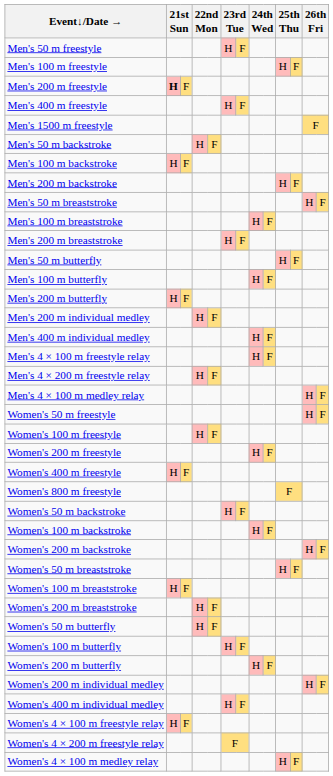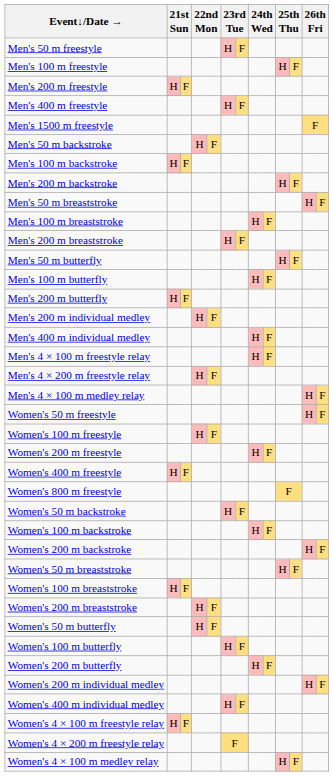 <table class="wikitable" style="margin:0.5em auto; font-size:90%; line-height:1.25em; text-align:center;">
 <tr>
 <th>Event↓/Date →</th>
 <th colspan=2>21st<br>Sun</th>
 <th colspan=2>22nd<br>Mon</th>
 <th colspan=2>23rd<br>Tue</th>
 <th colspan=2>24th<br>Wed</th>
 <th colspan=2>25th<br>Thu</th>
 <th colspan=2>26th<br>Fri</th>
 </tr>
 <tr>
 <td align="left"><a href='#'>Men's 50 m freestyle</a></td>
 <td colspan=2></td>
 <td colspan=2></td>
 <td bgcolor="#FFBBBB">H</td>
 <td bgcolor="#FFDF80">F</td>
 <td colspan=2></td>
 <td colspan=2></td>
 <td colspan=2></td>
 </tr>
 <tr>
 <td align="left"><a href='#'>Men's 100 m freestyle</a></td>
 <td colspan=2></td>
 <td colspan=2></td>
 <td colspan=2></td>
 <td colspan=2></td>
 <td bgcolor="#FFBBBB">H</td>
 <td bgcolor="#FFDF80">F</td>
 <td colspan=2></td>
 </tr>
 <tr>
 <td align="left"><a href='#'>Men's 200 m freestyle</a></td>
-<td bgcolor="#FFBBBB"><strong>H</strong></td>
+<td bgcolor="#FFBBBB">H</td>
 <td bgcolor="#FFDF80">F</td>
 <td colspan=2></td>
 <td colspan=2></td>
 <td colspan=2></td>
 <td colspan=2></td>
 <td colspan=2></td>
 </tr>
 <tr>
 <td align="left"><a href='#'>Men's 400 m freestyle</a></td>
 <td colspan=2></td>
 <td colspan=2></td>
 <td bgcolor="#FFBBBB">H</td>
 <td bgcolor="#FFDF80">F</td>
 <td colspan=2></td>
 <td colspan=2></td>
 <td colspan=2></td>
 </tr>
 <tr>
 <td align="left"><a href='#'>Men's 1500 m freestyle</a></td>
 <td colspan=2></td>
 <td colspan=2></td>
 <td colspan=2></td>
 <td colspan=2></td>
 <td colspan=2></td>
 <td colspan=2 bgcolor="#FFDF80">F</td>
 </tr>
 <tr>
 <td align="left"><a href='#'>Men's 50 m backstroke</a></td>
 <td colspan=2></td>
 <td bgcolor="#FFBBBB">H</td>
 <td bgcolor="#FFDF80">F</td>
 <td colspan=2></td>
 <td colspan=2></td>
 <td colspan=2></td>
 <td colspan=2></td>
 </tr>
 <tr>
 <td align="left"><a href='#'>Men's 100 m backstroke</a></td>
 <td bgcolor="#FFBBBB">H</td>
 <td bgcolor="#FFDF80">F</td>
 <td colspan=2></td>
 <td colspan=2></td>
 <td colspan=2></td>
 <td colspan=2></td>
 <td colspan=2></td>
 </tr>
 <tr>
 <td align="left"><a href='#'>Men's 200 m backstroke</a></td>
 <td colspan=2></td>
 <td colspan=2></td>
 <td colspan=2></td>
 <td colspan=2></td>
 <td bgcolor="#FFBBBB">H</td>
 <td bgcolor="#FFDF80">F</td>
 <td colspan=2></td>
 </tr>
 <tr>
 <td align="left"><a href='#'>Men's 50 m breaststroke</a></td>
 <td colspan=2></td>
 <td colspan=2></td>
 <td colspan=2></td>
 <td colspan=2></td>
 <td colspan=2></td>
 <td bgcolor="#FFBBBB">H</td>
 <td bgcolor="#FFDF80">F</td>
 </tr>
 <tr>
 <td align="left"><a href='#'>Men's 100 m breaststroke</a></td>
 <td colspan=2></td>
 <td colspan=2></td>
 <td colspan=2></td>
 <td bgcolor="#FFBBBB">H</td>
 <td bgcolor="#FFDF80">F</td>
 <td colspan=2></td>
 <td colspan=2></td>
 </tr>
 <tr>
 <td align="left"><a href='#'>Men's 200 m breaststroke</a></td>
 <td colspan=2></td>
 <td colspan=2></td>
 <td bgcolor="#FFBBBB">H</td>
 <td bgcolor="#FFDF80">F</td>
 <td colspan=2></td>
 <td colspan=2></td>
 <td colspan=2></td>
 </tr>
 <tr>
 <td align="left"><a href='#'>Men's 50 m butterfly</a></td>
 <td colspan=2></td>
 <td colspan=2></td>
 <td colspan=2></td>
 <td colspan=2></td>
 <td bgcolor="#FFBBBB">H</td>
 <td bgcolor="#FFDF80">F</td>
 <td colspan=2></td>
 </tr>
 <tr>
 <td align="left"><a href='#'>Men's 100 m butterfly</a></td>
 <td colspan=2></td>
 <td colspan=2></td>
 <td colspan=2></td>
 <td bgcolor="#FFBBBB">H</td>
 <td bgcolor="#FFDF80">F</td>
 <td colspan=2></td>
 <td colspan=2></td>
 </tr>
 <tr>
 <td align="left"><a href='#'>Men's 200 m butterfly</a></td>
 <td bgcolor="#FFBBBB">H</td>
 <td bgcolor="#FFDF80">F</td>
 <td colspan=2></td>
 <td colspan=2></td>
 <td colspan=2></td>
 <td colspan=2></td>
 <td colspan=2></td>
 </tr>
 <tr>
 <td align="left"><a href='#'>Men's 200 m individual medley</a></td>
 <td colspan=2></td>
 <td bgcolor="#FFBBBB">H</td>
 <td bgcolor="#FFDF80">F</td>
 <td colspan=2></td>
 <td colspan=2></td>
 <td colspan=2></td>
 <td colspan=2></td>
 </tr>
 <tr>
 <td align="left"><a href='#'>Men's 400 m individual medley</a></td>
 <td colspan=2></td>
 <td colspan=2></td>
 <td colspan=2></td>
 <td bgcolor="#FFBBBB">H</td>
 <td bgcolor="#FFDF80">F</td>
 <td colspan=2></td>
 <td colspan=2></td>
 </tr>
 <tr>
 <td align="left"><a href='#'>Men's 4 × 100 m freestyle relay</a></td>
 <td colspan=2></td>
 <td colspan=2></td>
 <td colspan=2></td>
 <td bgcolor="#FFBBBB">H</td>
 <td bgcolor="#FFDF80">F</td>
 <td colspan=2></td>
 <td colspan=2></td>
 </tr>
 <tr>
 <td align="left"><a href='#'>Men's 4 × 200 m freestyle relay</a></td>
 <td colspan=2></td>
 <td bgcolor="#FFBBBB">H</td>
 <td bgcolor="#FFDF80">F</td>
 <td colspan=2></td>
 <td colspan=2></td>
 <td colspan=2></td>
 <td colspan=2></td>
 </tr>
 <tr>
 <td align="left"><a href='#'>Men's 4 × 100 m medley relay</a></td>
 <td colspan=2></td>
 <td colspan=2></td>
 <td colspan=2></td>
 <td colspan=2></td>
 <td colspan=2></td>
 <td bgcolor="#FFBBBB">H</td>
 <td bgcolor="#FFDF80">F</td>
 </tr>
 <tr>
 <td align="left"><a href='#'>Women's 50 m freestyle</a></td>
 <td colspan=2></td>
 <td colspan=2></td>
 <td colspan=2></td>
 <td colspan=2></td>
 <td colspan=2></td>
 <td bgcolor="#FFBBBB">H</td>
 <td bgcolor="#FFDF80">F</td>
 </tr>
 <tr>
 <td align="left"><a href='#'>Women's 100 m freestyle</a></td>
 <td colspan=2></td>
 <td bgcolor="#FFBBBB">H</td>
 <td bgcolor="#FFDF80">F</td>
 <td colspan=2></td>
 <td colspan=2></td>
 <td colspan=2></td>
 <td colspan=2></td>
 </tr>
 <tr>
 <td align="left"><a href='#'>Women's 200 m freestyle</a></td>
 <td colspan=2></td>
 <td colspan=2></td>
 <td colspan=2></td>
 <td bgcolor="#FFBBBB">H</td>
 <td bgcolor="#FFDF80">F</td>
 <td colspan=2></td>
 <td colspan=2></td>
 </tr>
 <tr>
 <td align="left"><a href='#'>Women's 400 m freestyle</a></td>
 <td bgcolor="#FFBBBB">H</td>
 <td bgcolor="#FFDF80">F</td>
 <td colspan=2></td>
 <td colspan=2></td>
 <td colspan=2></td>
 <td colspan=2></td>
 <td colspan=2></td>
 </tr>
 <tr>
 <td align="left"><a href='#'>Women's 800 m freestyle</a></td>
 <td colspan=2></td>
 <td colspan=2></td>
 <td colspan=2></td>
 <td colspan=2></td>
 <td colspan=2 bgcolor="#FFDF80">F</td>
 <td colspan=2></td>
 </tr>
 <tr>
 <td align="left"><a href='#'>Women's 50 m backstroke</a></td>
 <td colspan=2></td>
 <td colspan=2></td>
 <td bgcolor="#FFBBBB">H</td>
 <td bgcolor="#FFDF80">F</td>
 <td colspan=2></td>
 <td colspan=2></td>
 <td colspan=2></td>
 </tr>
 <tr>
 <td align="left"><a href='#'>Women's 100 m backstroke</a></td>
 <td colspan=2></td>
 <td colspan=2></td>
 <td colspan=2></td>
 <td bgcolor="#FFBBBB">H</td>
 <td bgcolor="#FFDF80">F</td>
 <td colspan=2></td>
 <td colspan=2></td>
 </tr>
 <tr>
 <td align="left"><a href='#'>Women's 200 m backstroke</a></td>
 <td colspan=2></td>
 <td colspan=2></td>
 <td colspan=2></td>
 <td colspan=2></td>
 <td colspan=2></td>
 <td bgcolor="#FFBBBB">H</td>
 <td bgcolor="#FFDF80">F</td>
 </tr>
 <tr>
 <td align="left"><a href='#'>Women's 50 m breaststroke</a></td>
 <td colspan=2></td>
 <td colspan=2></td>
 <td colspan=2></td>
 <td colspan=2></td>
 <td bgcolor="#FFBBBB">H</td>
 <td bgcolor="#FFDF80">F</td>
 <td colspan=2></td>
 </tr>
 <tr>
 <td align="left"><a href='#'>Women's 100 m breaststroke</a></td>
 <td bgcolor="#FFBBBB">H</td>
 <td bgcolor="#FFDF80">F</td>
 <td colspan=2></td>
 <td colspan=2></td>
 <td colspan=2></td>
 <td colspan=2></td>
 <td colspan=2></td>
 </tr>
 <tr>
 <td align="left"><a href='#'>Women's 200 m breaststroke</a></td>
 <td colspan=2></td>
 <td bgcolor="#FFBBBB">H</td>
 <td bgcolor="#FFDF80">F</td>
 <td colspan=2></td>
 <td colspan=2></td>
 <td colspan=2></td>
 <td colspan=2></td>
 </tr>
 <tr>
 <td align="left"><a href='#'>Women's 50 m butterfly</a></td>
 <td colspan=2></td>
 <td bgcolor="#FFBBBB">H</td>
 <td bgcolor="#FFDF80">F</td>
 <td colspan=2></td>
 <td colspan=2></td>
 <td colspan=2></td>
 <td colspan=2></td>
 </tr>
 <tr>
 <td align="left"><a href='#'>Women's 100 m butterfly</a></td>
 <td colspan=2></td>
 <td colspan=2></td>
 <td bgcolor="#FFBBBB">H</td>
 <td bgcolor="#FFDF80">F</td>
 <td colspan=2></td>
 <td colspan=2></td>
 <td colspan=2></td>
 </tr>
 <tr>
 <td align="left"><a href='#'>Women's 200 m butterfly</a></td>
 <td colspan=2></td>
 <td colspan=2></td>
 <td colspan=2></td>
 <td bgcolor="#FFBBBB">H</td>
 <td bgcolor="#FFDF80">F</td>
 <td colspan=2></td>
 <td colspan=2></td>
 </tr>
 <tr>
 <td align="left"><a href='#'>Women's 200 m individual medley</a></td>
 <td colspan=2></td>
 <td colspan=2></td>
 <td colspan=2></td>
 <td colspan=2></td>
 <td colspan=2></td>
 <td bgcolor="#FFBBBB">H</td>
 <td bgcolor="#FFDF80">F</td>
 </tr>
 <tr>
 <td align="left"><a href='#'>Women's 400 m individual medley</a></td>
 <td colspan=2></td>
 <td colspan=2></td>
 <td bgcolor="#FFBBBB">H</td>
 <td bgcolor="#FFDF80">F</td>
 <td colspan=2></td>
 <td colspan=2></td>
 <td colspan=2></td>
 </tr>
 <tr>
 <td align="left"><a href='#'>Women's 4 × 100 m freestyle relay</a></td>
 <td bgcolor="#FFBBBB">H</td>
 <td bgcolor="#FFDF80">F</td>
 <td colspan=2></td>
 <td colspan=2></td>
 <td colspan=2></td>
 <td colspan=2></td>
 <td colspan=2></td>
 </tr>
 <tr>
 <td align="left"><a href='#'>Women's 4 × 200 m freestyle relay</a></td>
 <td colspan=2></td>
 <td colspan=2></td>
 <td colspan=2 bgcolor="#FFDF80">F</td>
 <td colspan=2></td>
 <td colspan=2></td>
 <td colspan=2></td>
 </tr>
 <tr>
 <td align="left"><a href='#'>Women's 4 × 100 m medley relay</a></td>
 <td colspan=2></td>
 <td colspan=2></td>
 <td colspan=2></td>
 <td colspan=2></td>
 <td bgcolor="#FFBBBB">H</td>
 <td bgcolor="#FFDF80">F</td>
 <td colspan=2></td>
 </tr>
 </table>
